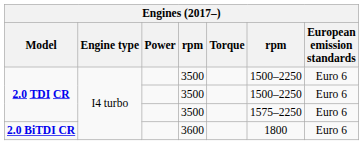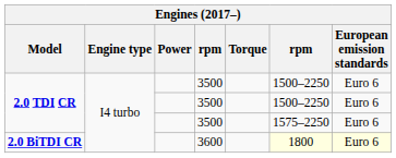 <table class="wikitable" style="text-align:center;" cellpadding="0">
 <tr>
 <th colspan="7">Engines (2017–)</th>
 </tr>
 <tr>
 <th>Model</th>
 <th>Engine type</th>
 <th>Power</th>
 <th>rpm</th>
 <th>Torque</th>
 <th>rpm</th>
 <th>European<br>emission<br>standards</th>
 </tr>
 <tr>
 <td rowspan="3"><strong><a href='#'>2.0</a> <a href='#'>TDI</a> <a href='#'>CR</a></strong></td>
 <td rowspan="4"> I4 turbo</td>
 <td></td>
 <td>3500</td>
 <td></td>
 <td>1500–2250</td>
 <td>Euro 6</td>
 </tr>
 <tr>
 <td></td>
 <td>3500</td>
 <td></td>
 <td>1500–2250</td>
 <td>Euro 6</td>
 </tr>
 <tr>
 <td></td>
 <td>3500</td>
 <td></td>
 <td>1575–2250</td>
 <td>Euro 6</td>
 </tr>
 <tr>
 <td><strong><a href='#'>2.0 BiTDI CR</a></strong></td>
 <td></td>
 <td>3600</td>
 <td></td>
-<td>1800</td>
-<td>Euro 6</td>
+<td style="background: lightyellow;">1800</td>
+<td style="background: lightyellow;">Euro 6</td>
 </tr>
 </table>
